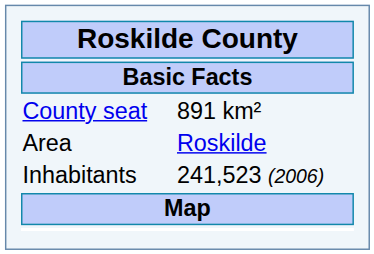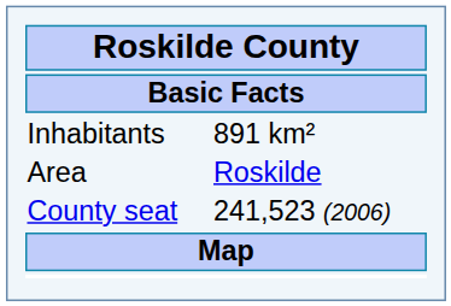 <table colspan="4" width=250 style="border: 1px solid #6688AA; background-color:#f0f6fa; margin:0.5em; padding:0.5em; float:right" valign="top" |>
 <tr>
 <td style="border: 1px solid #1188AA; background-color:#c0ccfa" align="center" colspan="2"><big><strong>Roskilde County</strong></big><br></td>
 </tr>
 <tr>
 <td style="border: 1px solid #1188AA; background-color:#c0ccfa" align="center" colspan="2"><strong>Basic Facts</strong></td>
 </tr>
 <tr>
-<td><a href='#'>County seat</a></td>
+<td>Inhabitants</td>
 <td>891 km²</td>
 </tr>
 <tr>
 <td>Area</td>
 <td><a href='#'>Roskilde</a></td>
 </tr>
 <tr>
-<td>Inhabitants</td>
+<td><a href='#'>County seat</a></td>
 <td>241,523 <small><em>(2006)</em></small></td>
 </tr>
 <tr>
 <td style="border: 1px solid #1188AA; background-color:#c0ccfa" align="center" colspan="2"><strong>Map</strong></td>
 </tr>
 <tr>
 <td bgcolor=#FFFFFF align="center" colspan="2"></td>
 </tr>
 <tr>
 </tr>
 </table>
